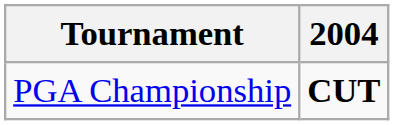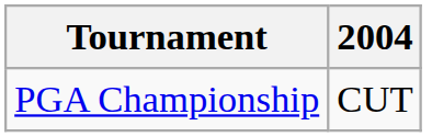 <table class="wikitable" style="font-size:95%;">
 <tr>
 <th>Tournament</th>
 <th>2004</th>
 </tr>
 <tr>
 <td><a href='#'>PGA Championship</a></td>
-<td align="center"><strong>CUT</strong></td>
+<td align="center">CUT</td>
 </tr>
 </table>
